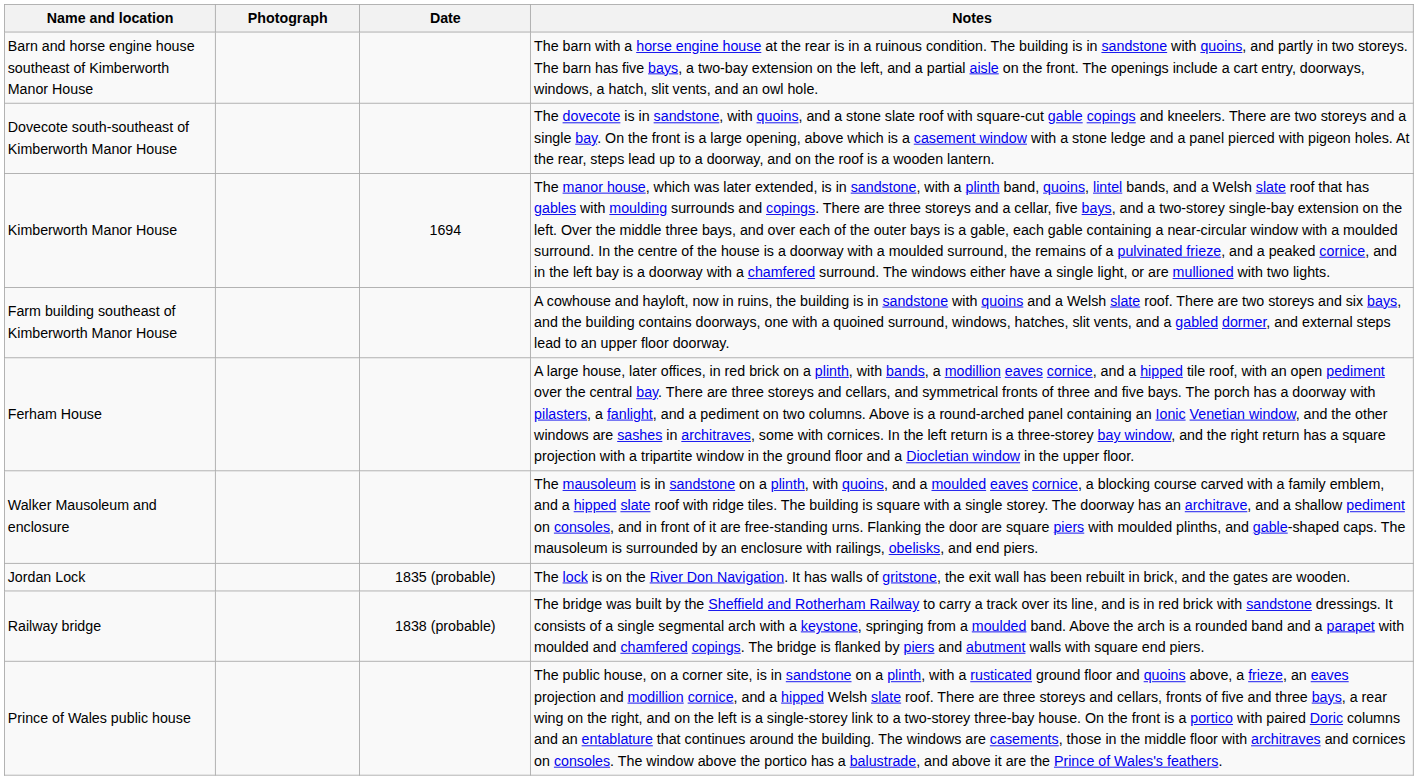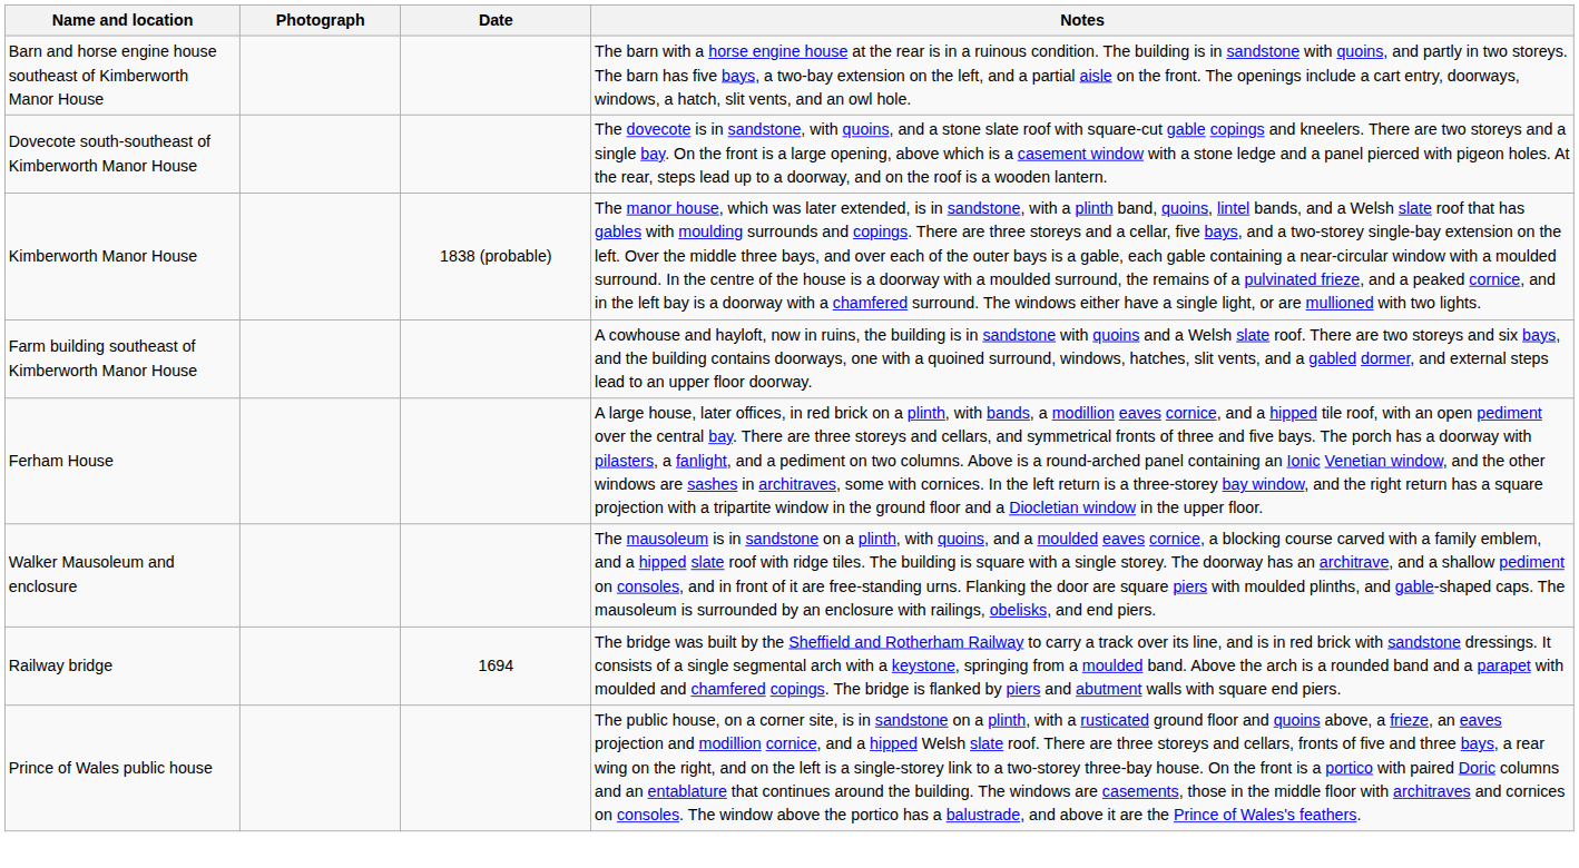 <table class="wikitable sortable plainrowheaders" style="width:100%;border:0px;text-align:left;line-height:150%;">
 <tr>
 <th scope="col"  style="width:150px">Name and location</th>
 <th scope="col"  style="width:100px" class="unsortable">Photograph</th>
 <th scope="col"  style="width:120px">Date</th>
 <th scope="col"  style="width:650px" class="unsortable">Notes</th>
 </tr>
 <tr>
 <td>Barn and horse engine house southeast of Kimberworth Manor House<br><small></small></td>
 <td></td>
 <td align="center"></td>
 <td>The barn with a <a href='#'>horse engine house</a> at the rear is in a ruinous condition.  The building is in <a href='#'>sandstone</a> with <a href='#'>quoins</a>, and partly in two storeys.  The barn has five <a href='#'>bays</a>, a two-bay extension on the left, and a partial <a href='#'>aisle</a> on the front.  The openings include a cart entry, doorways, windows, a hatch, slit vents, and an owl hole.</td>
 </tr>
 <tr>
 <td>Dovecote south-southeast of Kimberworth Manor House<br><small></small></td>
 <td></td>
 <td align="center"></td>
 <td>The <a href='#'>dovecote</a> is in <a href='#'>sandstone</a>, with <a href='#'>quoins</a>, and a stone slate roof with square-cut <a href='#'>gable</a> <a href='#'>copings</a> and kneelers.  There are two storeys and a single <a href='#'>bay</a>.  On the front is a large opening, above which is a <a href='#'>casement window</a> with a stone ledge and a panel pierced with pigeon holes.  At the rear, steps lead up to a doorway, and on the roof is a wooden lantern.</td>
 </tr>
 <tr>
 <td>Kimberworth Manor House<br><small></small></td>
 <td></td>
-<td align="center">1694</td>
+<td align="center">1838 (probable)</td>
 <td>The <a href='#'>manor house</a>, which was later extended, is in <a href='#'>sandstone</a>, with a <a href='#'>plinth</a> band, <a href='#'>quoins</a>, <a href='#'>lintel</a> bands, and a Welsh <a href='#'>slate</a> roof that has <a href='#'>gables</a> with <a href='#'>moulding</a> surrounds and <a href='#'>copings</a>.  There are three storeys and a cellar, five <a href='#'>bays</a>, and a two-storey single-bay extension on the left.  Over the middle three bays, and over each of the outer bays is a gable, each gable containing a near-circular window with a moulded surround.  In the centre of the house is a doorway with a moulded surround, the remains of a <a href='#'>pulvinated frieze</a>, and a peaked <a href='#'>cornice</a>, and in the left bay is a doorway with a <a href='#'>chamfered</a> surround. The windows either have a single light, or are <a href='#'>mullioned</a> with two lights.</td>
 </tr>
 <tr>
 <td>Farm building southeast of Kimberworth Manor House<br><small></small></td>
 <td></td>
 <td align="center"></td>
 <td>A cowhouse and hayloft, now in ruins, the building is in <a href='#'>sandstone</a> with <a href='#'>quoins</a> and a Welsh <a href='#'>slate</a> roof.  There are two storeys and six <a href='#'>bays</a>, and the building contains doorways, one with a quoined surround, windows, hatches, slit vents, and a <a href='#'>gabled</a> <a href='#'>dormer</a>, and external steps lead to an upper floor doorway.</td>
 </tr>
 <tr>
 <td>Ferham House<br><small></small></td>
 <td></td>
 <td align="center"></td>
 <td>A large house, later offices, in red brick on a <a href='#'>plinth</a>, with <a href='#'>bands</a>, a <a href='#'>modillion</a> <a href='#'>eaves</a> <a href='#'>cornice</a>, and a <a href='#'>hipped</a> tile roof, with an open <a href='#'>pediment</a> over the central <a href='#'>bay</a>.  There are three storeys and cellars, and symmetrical fronts of three and five bays.  The porch has a doorway with <a href='#'>pilasters</a>, a <a href='#'>fanlight</a>, and a pediment on two columns.  Above is a round-arched panel containing an <a href='#'>Ionic</a> <a href='#'>Venetian window</a>, and the other windows are <a href='#'>sashes</a> in <a href='#'>architraves</a>, some with cornices.  In the left return is a three-storey <a href='#'>bay window</a>, and the right return has a square projection with a tripartite window in the ground floor and a <a href='#'>Diocletian window</a> in the upper floor.</td>
 </tr>
 <tr>
 <td>Walker Mausoleum and enclosure<br><small></small></td>
 <td></td>
 <td align="center"></td>
 <td>The <a href='#'>mausoleum</a> is in <a href='#'>sandstone</a> on a <a href='#'>plinth</a>, with <a href='#'>quoins</a>, and a <a href='#'>moulded</a> <a href='#'>eaves</a> <a href='#'>cornice</a>, a blocking course carved with a family emblem, and a <a href='#'>hipped</a> <a href='#'>slate</a> roof with ridge tiles.  The building is square with a single storey.  The doorway has an <a href='#'>architrave</a>, and a shallow <a href='#'>pediment</a> on <a href='#'>consoles</a>, and in front of it are free-standing urns.  Flanking the door are square <a href='#'>piers</a> with moulded plinths, and <a href='#'>gable</a>-shaped caps. The mausoleum is surrounded by an enclosure with railings, <a href='#'>obelisks</a>, and end piers.</td>
 </tr>
 <tr>
-<td>Jordan Lock<br><small></small></td>
-<td></td>
-<td align="center">1835 (probable)</td>
-<td>The <a href='#'>lock</a> is on the <a href='#'>River Don Navigation</a>.  It has walls of <a href='#'>gritstone</a>, the exit wall has been rebuilt in brick, and the gates are wooden.</td>
-</tr>
-<tr>
 <td>Railway bridge<br><small></small></td>
 <td></td>
-<td align="center">1838 (probable)</td>
+<td align="center">1694</td>
 <td>The bridge was built by the <a href='#'>Sheffield and Rotherham Railway</a> to carry a track over its line, and is in red brick with <a href='#'>sandstone</a> dressings.  It consists of a single segmental arch with a <a href='#'>keystone</a>, springing from a <a href='#'>moulded</a> band.  Above the arch is a rounded band and a <a href='#'>parapet</a> with moulded and <a href='#'>chamfered</a> <a href='#'>copings</a>.  The bridge is flanked by <a href='#'>piers</a> and <a href='#'>abutment</a> walls with square end piers.</td>
 </tr>
 <tr>
 <td>Prince of Wales public house<br><small></small></td>
 <td></td>
 <td align="center"></td>
 <td>The public house, on a corner site, is in <a href='#'>sandstone</a> on a <a href='#'>plinth</a>, with a <a href='#'>rusticated</a> ground floor and <a href='#'>quoins</a> above, a <a href='#'>frieze</a>, an <a href='#'>eaves</a> projection and <a href='#'>modillion</a> <a href='#'>cornice</a>, and a <a href='#'>hipped</a> Welsh <a href='#'>slate</a> roof.  There are three storeys and cellars, fronts of five and three <a href='#'>bays</a>, a rear wing on the right, and on the left is a single-storey link to a two-storey three-bay house.  On the front is a <a href='#'>portico</a> with paired <a href='#'>Doric</a> columns and an <a href='#'>entablature</a> that continues around the building.  The windows are <a href='#'>casements</a>, those in the middle floor with <a href='#'>architraves</a> and cornices on <a href='#'>consoles</a>.  The window above the portico has a <a href='#'>balustrade</a>, and above it are the <a href='#'>Prince of Wales's feathers</a>.</td>
 </tr>
 <tr>
 </tr>
 </table>
